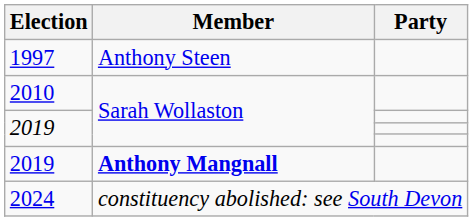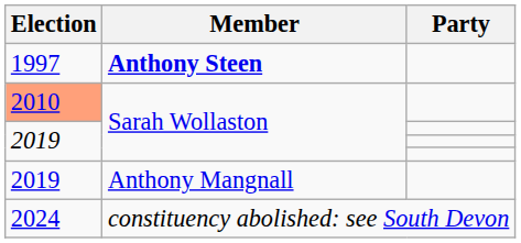 <table class="wikitable">
 <tr>
 <th>Election</th>
 <th>Member</th>
 <th colspan="2">Party</th>
 </tr>
 <tr>
 <td><a href='#'>1997</a></td>
-<td><a href='#'>Anthony Steen</a></td>
+<td><strong><a href='#'>Anthony Steen</a></strong></td>
 <td></td>
 </tr>
 <tr>
-<td><a href='#'>2010</a></td>
+<td style="background: lightsalmon;"><a href='#'>2010</a></td>
 <td rowspan="4"><a href='#'>Sarah Wollaston</a></td>
 <td></td>
 </tr>
 <tr>
 <td rowspan="3"><em>2019</em></td>
 <td></td>
 </tr>
 <tr>
 <td></td>
 </tr>
 <tr>
 <td></td>
 </tr>
 <tr>
 <td><a href='#'>2019</a></td>
-<td><strong><a href='#'>Anthony Mangnall</a></strong></td>
+<td><a href='#'>Anthony Mangnall</a></td>
 <td></td>
 </tr>
 <tr>
 <td><a href='#'>2024</a></td>
 <td colspan="3"><em>constituency abolished: see <a href='#'>South Devon</a></em></td>
 </tr>
 </table>
